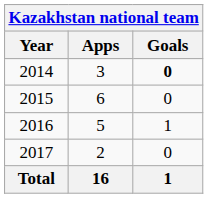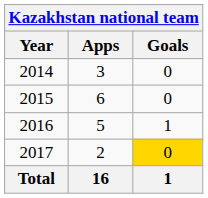 <table class="wikitable" style="text-align:center">
 <tr>
 <th colspan=3><a href='#'>Kazakhstan national team</a></th>
 </tr>
 <tr>
 <th>Year</th>
 <th>Apps</th>
 <th>Goals</th>
 </tr>
 <tr>
 <td>2014</td>
 <td>3</td>
-<td><strong>0</strong></td>
+<td>0</td>
 </tr>
 <tr>
 <td>2015</td>
 <td>6</td>
 <td>0</td>
 </tr>
 <tr>
 <td>2016</td>
 <td>5</td>
 <td>1</td>
 </tr>
 <tr>
 <td>2017</td>
 <td>2</td>
-<td>0</td>
+<td style="background: gold;">0</td>
 </tr>
 <tr>
 <th>Total</th>
 <th>16</th>
 <th>1</th>
 </tr>
 </table>
